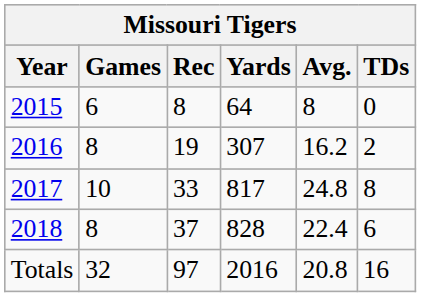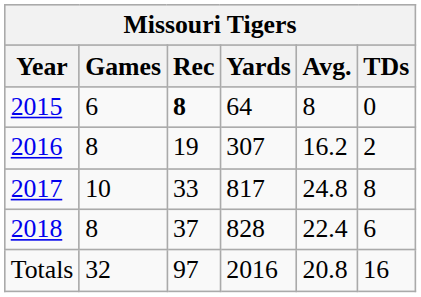 <table class="wikitable sortable">
 <tr>
 <th colspan="15">Missouri Tigers</th>
 </tr>
 <tr>
 <th>Year</th>
 <th>Games</th>
 <th>Rec</th>
 <th>Yards</th>
 <th>Avg.</th>
 <th>TDs</th>
 </tr>
 <tr>
 <td><a href='#'>2015</a></td>
 <td>6</td>
-<td>8</td>
+<td><strong>8</strong></td>
 <td>64</td>
 <td>8</td>
 <td>0</td>
 </tr>
 <tr>
 <td><a href='#'>2016</a></td>
 <td>8</td>
 <td>19</td>
 <td>307</td>
 <td>16.2</td>
 <td>2</td>
 </tr>
 <tr>
 <td><a href='#'>2017</a></td>
 <td>10</td>
 <td>33</td>
 <td>817</td>
 <td>24.8</td>
 <td>8</td>
 </tr>
 <tr>
 <td><a href='#'>2018</a></td>
 <td>8</td>
 <td>37</td>
 <td>828</td>
 <td>22.4</td>
 <td>6</td>
 </tr>
 <tr>
 <td>Totals</td>
 <td>32</td>
 <td>97</td>
 <td>2016</td>
 <td>20.8</td>
 <td>16</td>
 </tr>
 </table>
